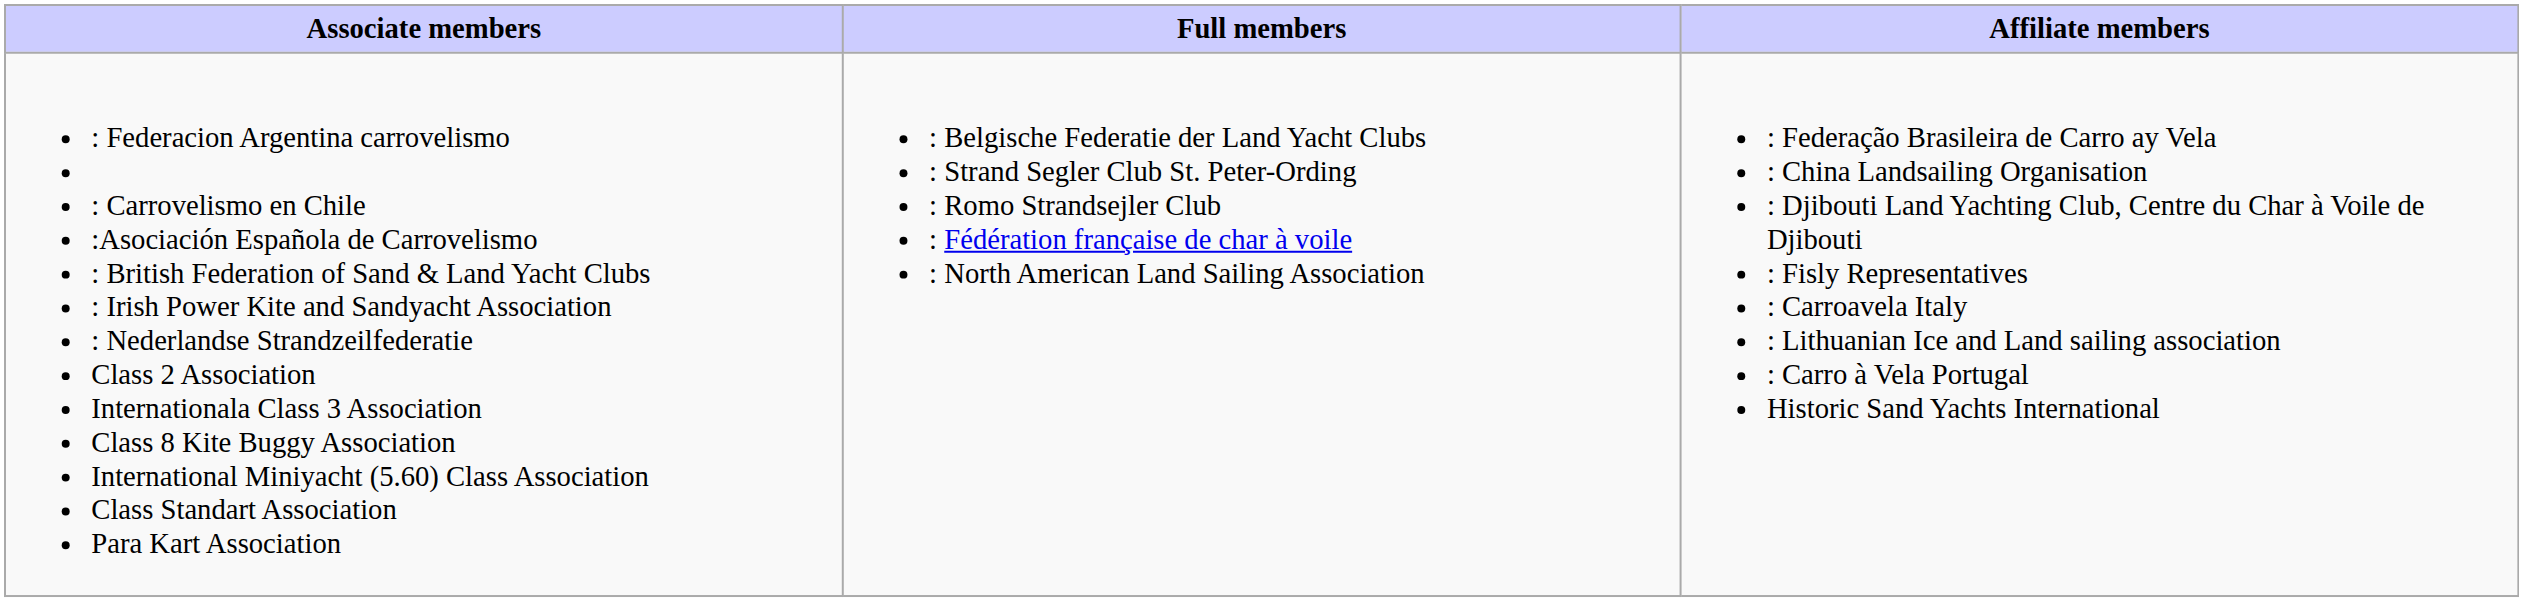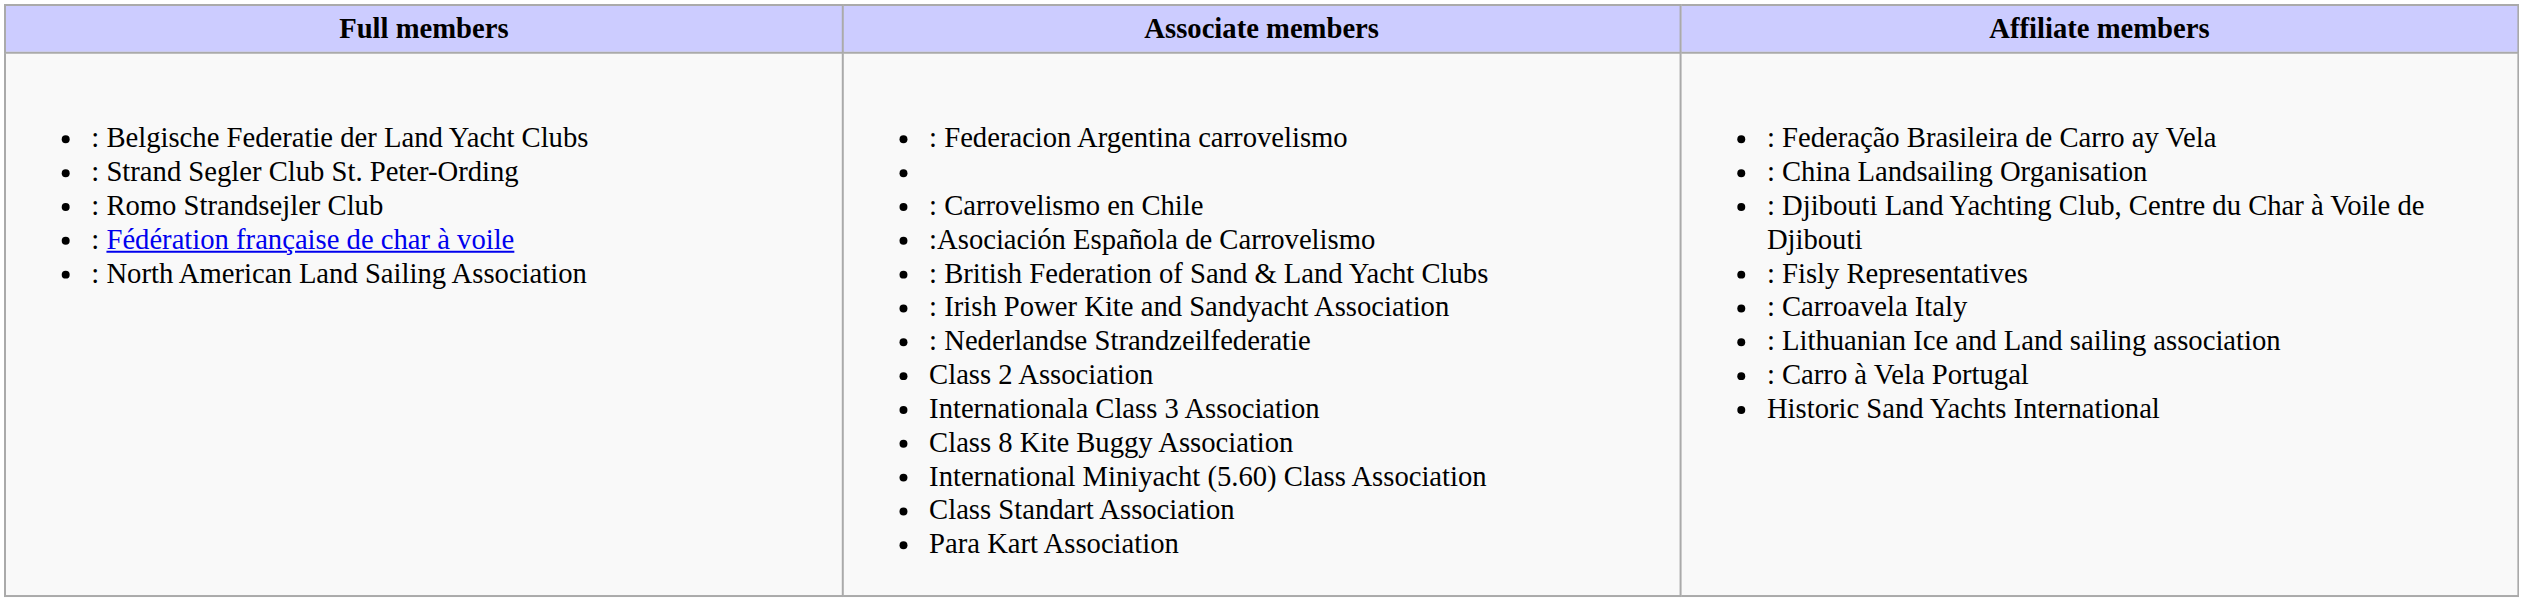 <table class="wikitable" bgcolor=white cellpadding="3" cellspacing="0" border="1" style="text-align: center; font-size: 90%; border: gray solid 1px; border-collapse: collapse;" width="100%">
 <tr>
+<th scope=col style="background:#ccccff" width="30%">Full members</th>
 <th scope=col style="background:#ccccff"  width="30%">Associate members</th>
-<th scope=col style="background:#ccccff" width="30%">Full members</th>
 <th scope=col style="background:#ccccff"  width="30%">Affiliate members</th>
 </tr>
 <tr align="left">
+<td valign="top"><br><ul><li> : Belgische Federatie der Land Yacht Clubs</li><li> : Strand Segler Club St. Peter-Ording</li><li> : Romo Strandsejler Club</li><li> : <a href='#'>Fédération française de char à voile</a></li><li> : North American Land Sailing Association</li></ul></td>
 <td valign="top"><br><ul><li> : Federacion Argentina carrovelismo</li><li></li><li> : Carrovelismo en Chile</li><li> :Asociación Española de Carrovelismo</li><li> : British Federation of Sand & Land Yacht Clubs</li><li> : Irish Power Kite and Sandyacht Association</li><li> : Nederlandse Strandzeilfederatie</li><li>Class 2 Association</li><li>Internationala Class 3 Association</li><li>Class 8 Kite Buggy Association</li><li>International Miniyacht (5.60) Class Association</li><li>Class Standart Association</li><li>Para Kart Association</li></ul></td>
-<td valign="top"><br><ul><li> : Belgische Federatie der Land Yacht Clubs</li><li> : Strand Segler Club St. Peter-Ording</li><li> : Romo Strandsejler Club</li><li> : <a href='#'>Fédération française de char à voile</a></li><li> : North American Land Sailing Association</li></ul></td>
 <td valign="top"><br><ul><li> : Federação Brasileira de Carro ay Vela</li><li> : China Landsailing Organisation</li><li> : Djibouti Land Yachting Club, Centre du Char à Voile de Djibouti</li><li> : Fisly Representatives</li><li> : Carroavela Italy</li><li> : Lithuanian Ice and Land sailing association</li><li> : Carro à Vela Portugal</li><li>Historic Sand Yachts International</li></ul></td>
 </tr>
 </table>
